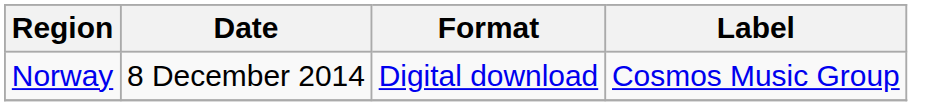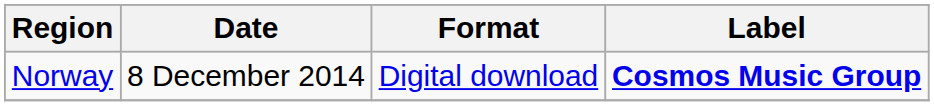 <table class=wikitable>
 <tr>
 <th>Region</th>
 <th>Date</th>
 <th>Format</th>
 <th>Label</th>
 </tr>
 <tr>
 <td><a href='#'>Norway</a></td>
 <td>8 December 2014</td>
 <td><a href='#'>Digital download</a></td>
-<td><a href='#'>Cosmos Music Group</a></td>
+<td><strong><a href='#'>Cosmos Music Group</a></strong></td>
 </tr>
 <tr>
 </tr>
 </table>
